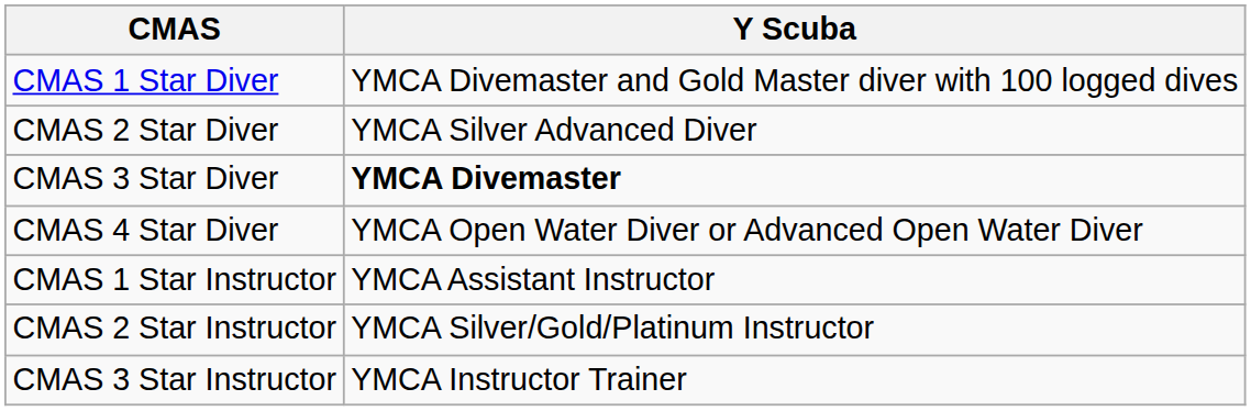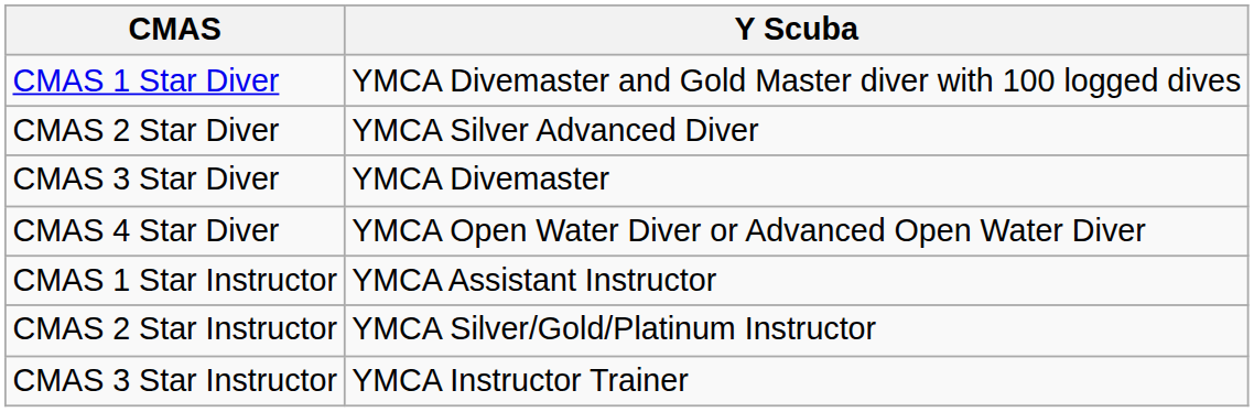 <table class="wikitable">
 <tr>
 <th>CMAS</th>
 <th>Y Scuba</th>
 </tr>
 <tr>
 <td><a href='#'>CMAS 1 Star Diver</a></td>
 <td>YMCA Divemaster and Gold Master diver with 100 logged dives</td>
 </tr>
 <tr>
 <td>CMAS 2 Star Diver</td>
 <td>YMCA Silver Advanced Diver</td>
 </tr>
 <tr>
 <td>CMAS 3 Star Diver</td>
-<td><strong>YMCA Divemaster</strong></td>
+<td>YMCA Divemaster</td>
 </tr>
 <tr>
 <td>CMAS 4 Star Diver</td>
 <td>YMCA Open Water Diver or Advanced Open Water Diver</td>
 </tr>
 <tr>
 <td>CMAS 1 Star Instructor</td>
 <td>YMCA Assistant Instructor</td>
 </tr>
 <tr>
 <td>CMAS 2 Star Instructor</td>
 <td>YMCA Silver/Gold/Platinum Instructor</td>
 </tr>
 <tr>
 <td>CMAS 3 Star Instructor</td>
 <td>YMCA Instructor Trainer</td>
 </tr>
 </table>
